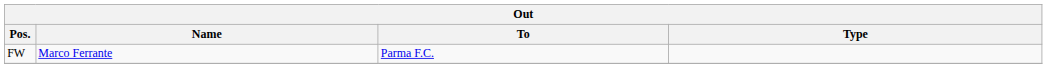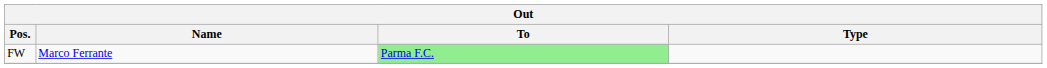 <table class="wikitable" style="font-size:90%;width:99%;">
 <tr>
 <th colspan="4">Out</th>
 </tr>
 <tr>
 <th width=3%>Pos.</th>
 <th width=33%>Name</th>
 <th width=28%>To</th>
 <th width=36%>Type</th>
 </tr>
 <tr>
 <td>FW</td>
 <td><a href='#'>Marco Ferrante</a></td>
-<td><a href='#'>Parma F.C.</a></td>
+<td style="background: lightgreen;"><a href='#'>Parma F.C.</a></td>
 <td></td>
 </tr>
 <tr>
 </tr>
 </table>
